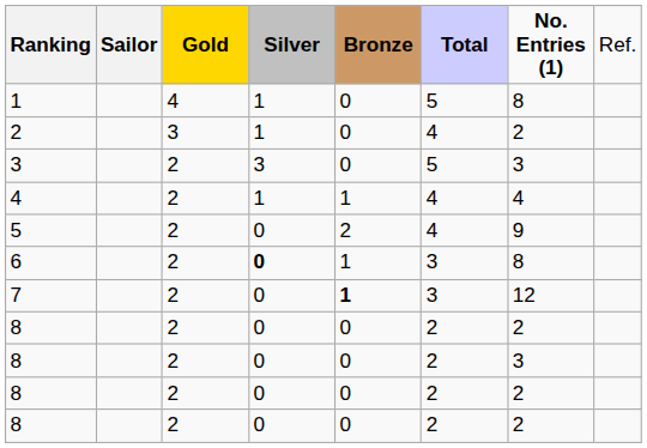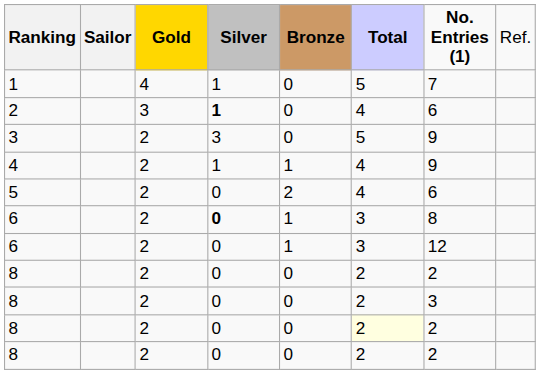 <table class="wikitable sortable">
 <tr>
 <th align=center><strong>Ranking</strong></th>
 <th align=center><strong>Sailor</strong></th>
 <td style="background:gold; width:60px; text-align:center;"><strong>Gold</strong></td>
 <td style="background:silver; width:60px; text-align:center;"><strong>Silver</strong></td>
 <td style="background:#c96; width:60px; text-align:center;"><strong>Bronze</strong></td>
 <td style="background:#ccf; width:60px; text-align:center;"><strong>Total</strong></td>
 <td style="width:60px; text-align:center;"><strong>No. Entries (1)</strong></td>
 <td>Ref.</td>
 </tr>
 <tr>
 <td>1</td>
 <td></td>
 <td>4</td>
 <td>1</td>
 <td>0</td>
 <td>5</td>
-<td>8</td>
+<td>7</td>
 <td></td>
 </tr>
 <tr>
 <td>2</td>
 <td></td>
 <td>3</td>
-<td>1</td>
+<td><strong>1</strong></td>
 <td>0</td>
 <td>4</td>
-<td>2</td>
+<td>6</td>
 <td></td>
 </tr>
 <tr>
 <td>3</td>
 <td></td>
 <td>2</td>
 <td>3</td>
 <td>0</td>
 <td>5</td>
-<td>3</td>
+<td>9</td>
 <td></td>
 </tr>
 <tr>
 <td>4</td>
 <td></td>
 <td>2</td>
 <td>1</td>
 <td>1</td>
 <td>4</td>
-<td>4</td>
+<td>9</td>
 <td></td>
 </tr>
 <tr>
 <td>5</td>
 <td></td>
 <td>2</td>
 <td>0</td>
 <td>2</td>
 <td>4</td>
-<td>9</td>
+<td>6</td>
 <td></td>
 </tr>
 <tr>
 <td>6</td>
 <td></td>
 <td>2</td>
 <td><strong>0</strong></td>
 <td>1</td>
 <td>3</td>
 <td>8</td>
 <td></td>
 </tr>
 <tr>
-<td>7</td>
+<td>6</td>
 <td></td>
 <td>2</td>
 <td>0</td>
-<td><strong>1</strong></td>
+<td>1</td>
 <td>3</td>
 <td>12</td>
 <td></td>
 </tr>
 <tr>
 <td>8</td>
 <td></td>
 <td>2</td>
 <td>0</td>
 <td>0</td>
 <td>2</td>
 <td>2</td>
 <td></td>
 </tr>
 <tr>
 <td>8</td>
 <td></td>
 <td>2</td>
 <td>0</td>
 <td>0</td>
 <td>2</td>
 <td>3</td>
 <td></td>
 </tr>
 <tr>
 <td>8</td>
 <td></td>
 <td>2</td>
 <td>0</td>
 <td>0</td>
-<td>2</td>
+<td style="background: lightyellow;">2</td>
 <td>2</td>
 <td></td>
 </tr>
 <tr>
 <td>8</td>
 <td></td>
 <td>2</td>
 <td>0</td>
 <td>0</td>
 <td>2</td>
 <td>2</td>
 <td></td>
 </tr>
 </table>
